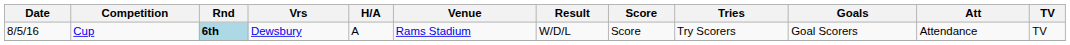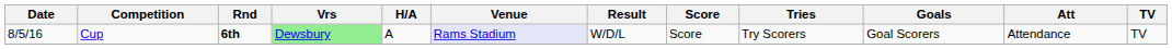 <table class="wikitable" style="font-size:85%;" width="100%">
 <tr>
 <th>Date</th>
 <th>Competition</th>
 <th>Rnd</th>
 <th>Vrs</th>
 <th>H/A</th>
 <th>Venue</th>
 <th>Result</th>
 <th>Score</th>
 <th>Tries</th>
 <th>Goals</th>
 <th>Att</th>
 <th>TV</th>
 </tr>
 <tr>
 <td>8/5/16</td>
 <td><a href='#'>Cup</a></td>
-<td style="background: lightblue;"><strong>6th</strong></td>
-<td><a href='#'>Dewsbury</a></td>
+<td><strong>6th</strong></td>
+<td style="background: lightgreen;"><a href='#'>Dewsbury</a></td>
 <td>A</td>
-<td><a href='#'>Rams Stadium</a></td>
+<td style="background: lavender;"><a href='#'>Rams Stadium</a></td>
 <td>W/D/L</td>
 <td>Score</td>
 <td>Try Scorers</td>
 <td>Goal Scorers</td>
 <td>Attendance</td>
 <td>TV</td>
 </tr>
 <tr>
 </tr>
 </table>
